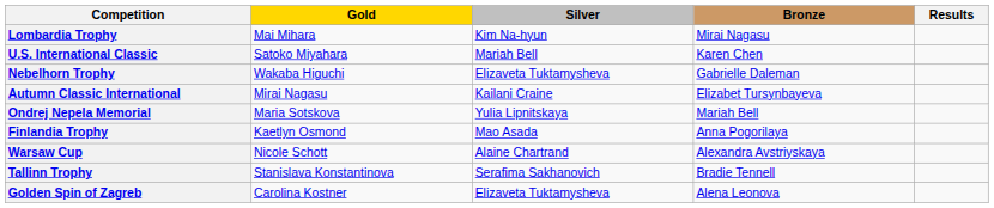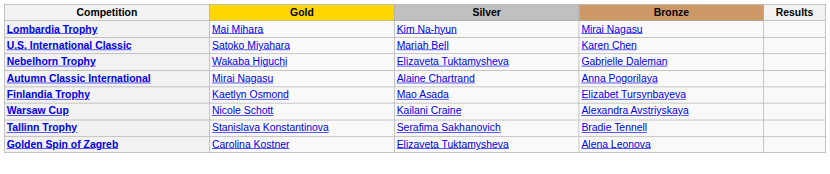 <table class="wikitable unsortable" style="text-align:left; width:100%;">
 <tr>
 <th scope="col" style="text-align:center; width:25%;">Competition</th>
 <td scope="col" style="text-align:center; width:22.5%; background:gold"><strong>Gold</strong></td>
 <td scope="col" style="text-align:center; width:22.5%; background:silver"><strong>Silver</strong></td>
 <td scope="col" style="text-align:center; width:22.5%; background:#c96"><strong>Bronze</strong></td>
 <th scope="col" style="text-align:center; width:7.5%;">Results</th>
 </tr>
 <tr>
 <th scope="row" style="text-align:left"> <a href='#'>Lombardia Trophy</a></th>
 <td> <a href='#'>Mai Mihara</a></td>
 <td> <a href='#'>Kim Na-hyun</a></td>
 <td> <a href='#'>Mirai Nagasu</a></td>
 <td></td>
 </tr>
 <tr>
 <th scope="row" style="text-align:left"> <a href='#'>U.S. International Classic</a></th>
 <td> <a href='#'>Satoko Miyahara</a></td>
 <td> <a href='#'>Mariah Bell</a></td>
 <td> <a href='#'>Karen Chen</a></td>
 <td></td>
 </tr>
 <tr>
 <th scope="row" style="text-align:left"> <a href='#'>Nebelhorn Trophy</a></th>
 <td> <a href='#'>Wakaba Higuchi</a></td>
 <td> <a href='#'>Elizaveta Tuktamysheva</a></td>
 <td> <a href='#'>Gabrielle Daleman</a></td>
 <td></td>
 </tr>
 <tr>
 <th scope="row" style="text-align:left"> <a href='#'>Autumn Classic International</a></th>
 <td> <a href='#'>Mirai Nagasu</a></td>
-<td> <a href='#'>Kailani Craine</a></td>
-<td> <a href='#'>Elizabet Tursynbayeva</a></td>
-<td></td>
-</tr>
-<tr>
-<th scope="row" style="text-align:left"> <a href='#'>Ondrej Nepela Memorial</a></th>
-<td> <a href='#'>Maria Sotskova</a></td>
-<td> <a href='#'>Yulia Lipnitskaya</a></td>
-<td> <a href='#'>Mariah Bell</a></td>
+<td> <a href='#'>Alaine Chartrand</a></td>
+<td> <a href='#'>Anna Pogorilaya</a></td>
 <td></td>
 </tr>
 <tr>
 <th scope="row" style="text-align:left"> <a href='#'>Finlandia Trophy</a></th>
 <td> <a href='#'>Kaetlyn Osmond</a></td>
 <td> <a href='#'>Mao Asada</a></td>
-<td> <a href='#'>Anna Pogorilaya</a></td>
+<td> <a href='#'>Elizabet Tursynbayeva</a></td>
 <td></td>
 </tr>
 <tr>
 <th scope="row" style="text-align:left"> <a href='#'>Warsaw Cup</a></th>
 <td> <a href='#'>Nicole Schott</a></td>
-<td> <a href='#'>Alaine Chartrand</a></td>
+<td> <a href='#'>Kailani Craine</a></td>
 <td> <a href='#'>Alexandra Avstriyskaya</a></td>
 <td></td>
 </tr>
 <tr>
 <th scope="row" style="text-align:left"> <a href='#'>Tallinn Trophy</a></th>
 <td> <a href='#'>Stanislava Konstantinova</a></td>
 <td> <a href='#'>Serafima Sakhanovich</a></td>
 <td> <a href='#'>Bradie Tennell</a></td>
 <td></td>
 </tr>
 <tr>
 <th scope="row" style="text-align:left"> <a href='#'>Golden Spin of Zagreb</a></th>
 <td> <a href='#'>Carolina Kostner</a></td>
 <td> <a href='#'>Elizaveta Tuktamysheva</a></td>
 <td> <a href='#'>Alena Leonova</a></td>
 <td></td>
 </tr>
 </table>
